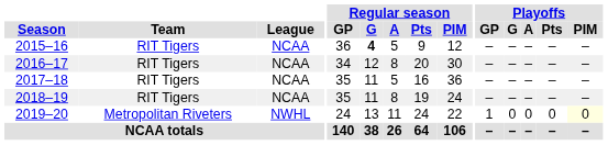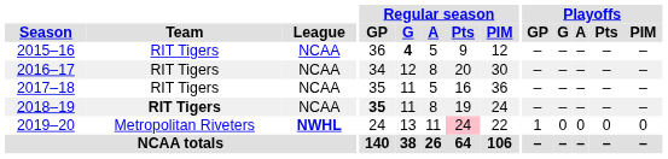 <table border="0" cellpadding="1" cellspacing="0" width="80%" style="text-align:center">
 <tr>
 <th colspan="3" bgcolor="#ffffff"></th>
 <th rowspan="98" bgcolor="#ffffff"></th>
 <th colspan="5" bgcolor="#e0e0e0"><a href='#'>Regular season</a></th>
 <th rowspan="98" bgcolor="#ffffff"></th>
 <th colspan="5" bgcolor="#e0e0e0"><a href='#'>Playoffs</a></th>
 </tr>
 <tr bgcolor="#e0e0e0">
 <th><a href='#'>Season</a></th>
 <th>Team</th>
 <th>League</th>
 <th>GP</th>
 <th><a href='#'>G</a></th>
 <th><a href='#'>A</a></th>
 <th><a href='#'>Pts</a></th>
 <th><a href='#'>PIM</a></th>
 <th>GP</th>
 <th>G</th>
 <th>A</th>
 <th>Pts</th>
 <th>PIM</th>
 </tr>
 <tr>
 <td><a href='#'>2015–16</a></td>
 <td><a href='#'>RIT Tigers</a></td>
 <td><a href='#'>NCAA</a></td>
 <td>36</td>
 <td><strong>4</strong></td>
 <td>5</td>
 <td>9</td>
 <td>12</td>
 <td>–</td>
 <td>–</td>
 <td>–</td>
 <td>–</td>
 <td>–</td>
 </tr>
 <tr bgcolor="#f0f0f0">
 <td><a href='#'>2016–17</a></td>
 <td>RIT Tigers</td>
 <td>NCAA</td>
 <td>34</td>
 <td>12</td>
 <td>8</td>
 <td>20</td>
 <td>30</td>
 <td>–</td>
 <td>–</td>
 <td>–</td>
 <td>–</td>
 <td>–</td>
 </tr>
 <tr>
 <td><a href='#'>2017–18</a></td>
 <td>RIT Tigers</td>
 <td>NCAA</td>
 <td>35</td>
 <td>11</td>
 <td>5</td>
 <td>16</td>
 <td>36</td>
 <td>–</td>
 <td>–</td>
 <td>–</td>
 <td>–</td>
 <td>–</td>
 </tr>
 <tr bgcolor="#f0f0f0">
 <td><a href='#'>2018–19</a></td>
-<td>RIT Tigers</td>
+<td><strong>RIT Tigers</strong></td>
 <td>NCAA</td>
-<td>35</td>
+<td><strong>35</strong></td>
 <td>11</td>
 <td>8</td>
 <td>19</td>
 <td>24</td>
 <td>–</td>
 <td>–</td>
 <td>–</td>
 <td>–</td>
 <td>–</td>
 </tr>
 <tr>
 <td><a href='#'>2019–20</a></td>
 <td><a href='#'>Metropolitan Riveters</a></td>
-<td><a href='#'>NWHL</a></td>
+<td><strong><a href='#'>NWHL</a></strong></td>
 <td>24</td>
 <td>13</td>
 <td>11</td>
-<td>24</td>
+<td style="background: pink;">24</td>
 <td>22</td>
 <td>1</td>
 <td>0</td>
 <td>0</td>
 <td>0</td>
-<td style="background: lightyellow;">0</td>
+<td>0</td>
 </tr>
 <tr bgcolor="#e0e0e0">
 <th colspan="3">NCAA totals</th>
 <td><strong>140</strong></td>
 <td><strong>38</strong></td>
 <td><strong>26</strong></td>
 <td><strong>64</strong></td>
 <td><strong>106</strong></td>
 <th>–</th>
 <th>–</th>
 <th>–</th>
 <th>–</th>
 <th>–</th>
 </tr>
 </table>
